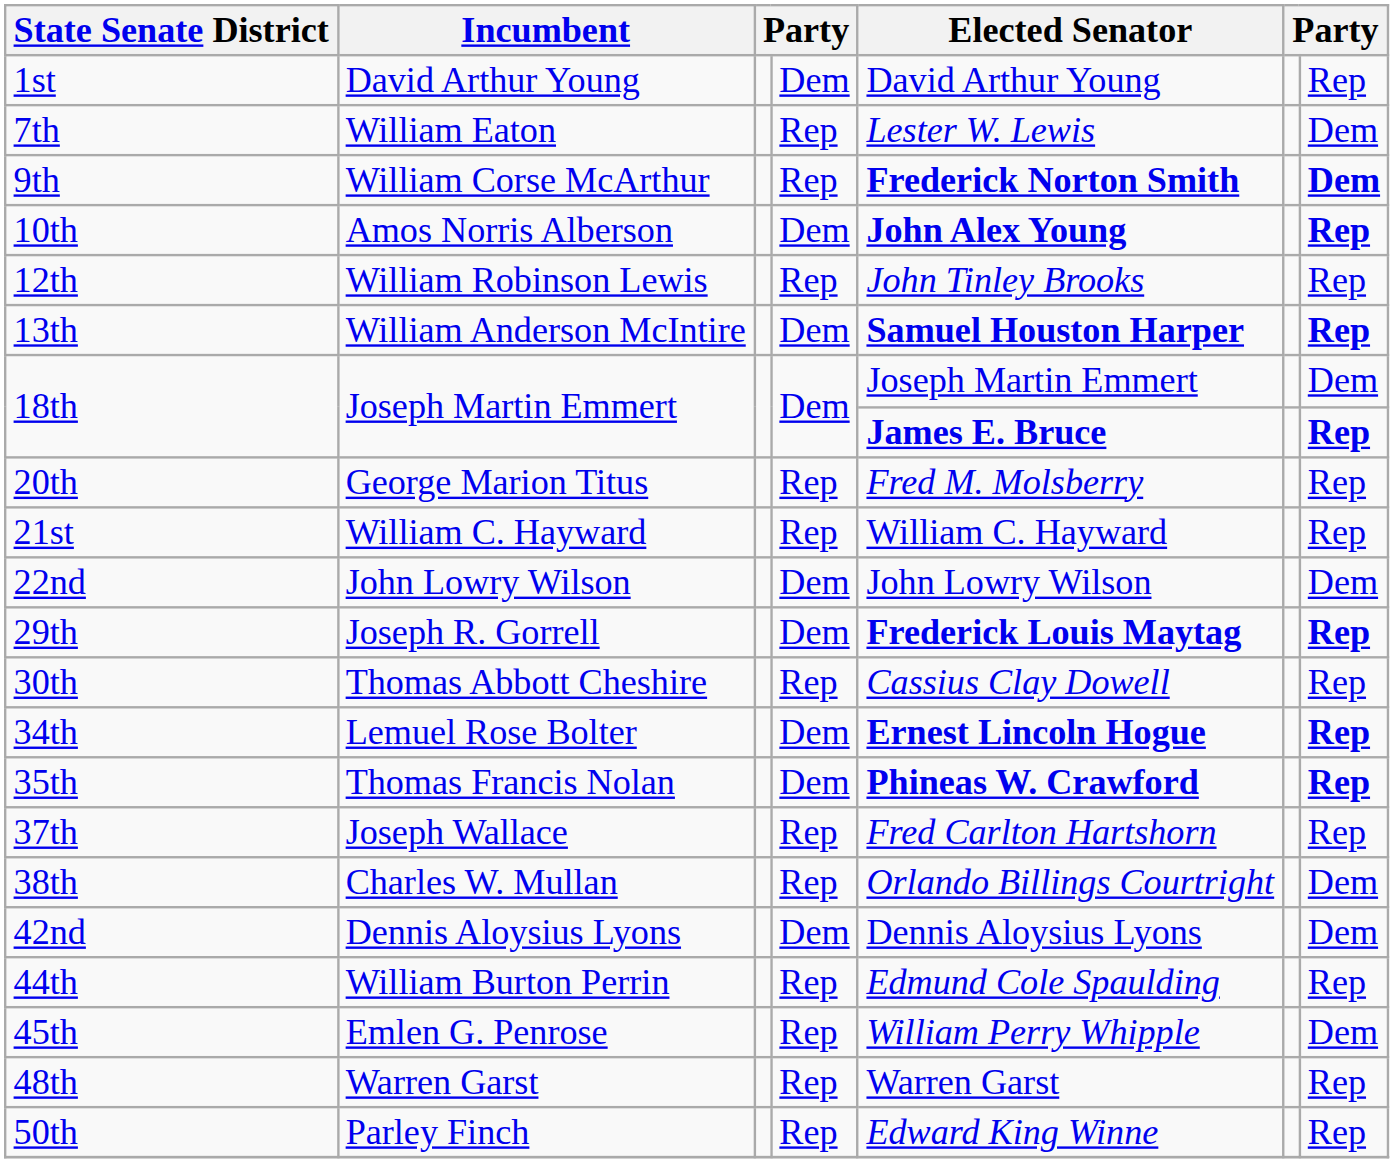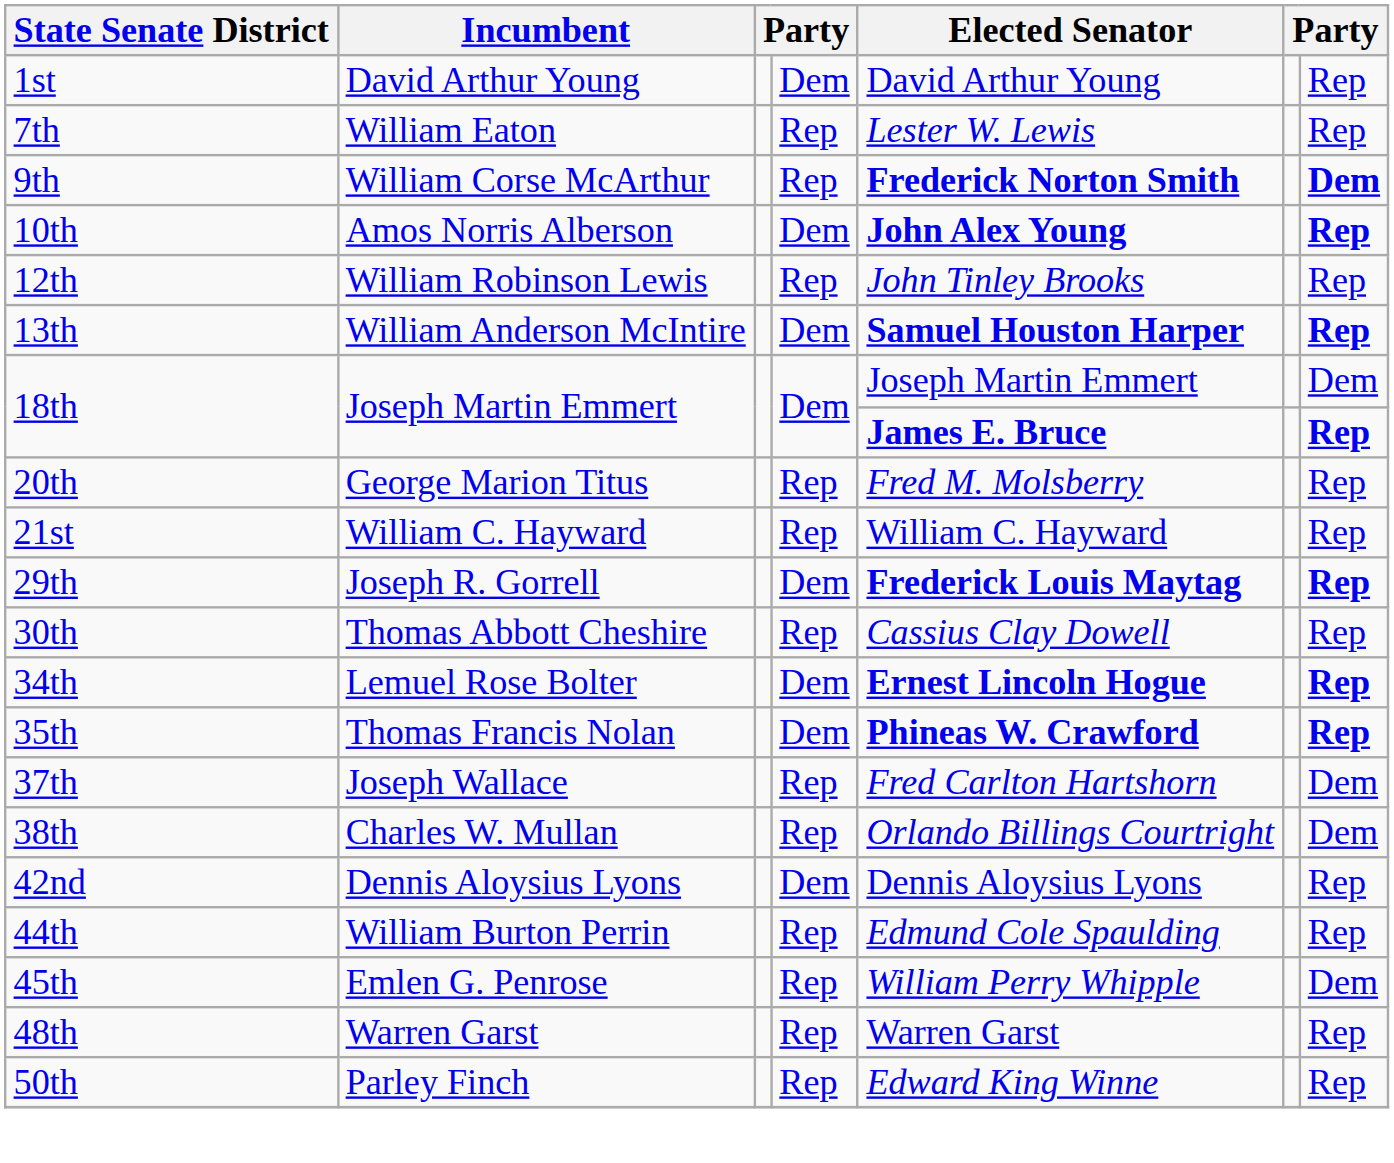 <table class="sortable wikitable" style="font-size:95%;line-height:14px;">
 <tr>
 <th class="sortable"><a href='#'>State Senate</a> District</th>
 <th class="sortable"><a href='#'>Incumbent</a></th>
 <th colspan="2">Party</th>
 <th class="sortable">Elected Senator</th>
 <th colspan="2">Party</th>
 </tr>
 <tr>
 <td><a href='#'>1st</a></td>
 <td><a href='#'>David Arthur Young</a></td>
 <td style="background:"></td>
 <td><a href='#'>Dem</a></td>
 <td><a href='#'>David Arthur Young</a></td>
 <td style="background:"></td>
 <td><a href='#'>Rep</a></td>
 </tr>
 <tr>
 <td><a href='#'>7th</a></td>
 <td><a href='#'>William Eaton</a></td>
 <td style="background:"></td>
 <td><a href='#'>Rep</a></td>
 <td><em><a href='#'>Lester W. Lewis</a></em></td>
 <td style="background:"></td>
-<td><a href='#'>Dem</a></td>
+<td><a href='#'>Rep</a></td>
 </tr>
 <tr>
 <td><a href='#'>9th</a></td>
 <td><a href='#'>William Corse McArthur</a></td>
 <td style="background:"></td>
 <td><a href='#'>Rep</a></td>
 <td><strong><a href='#'>Frederick Norton Smith</a></strong></td>
 <td style="background:"></td>
 <td><strong><a href='#'>Dem</a></strong></td>
 </tr>
 <tr>
 <td><a href='#'>10th</a></td>
 <td><a href='#'>Amos Norris Alberson</a></td>
 <td style="background:"></td>
 <td><a href='#'>Dem</a></td>
 <td><strong><a href='#'>John Alex Young</a></strong></td>
 <td style="background:"></td>
 <td><strong><a href='#'>Rep</a></strong></td>
 </tr>
 <tr>
 <td><a href='#'>12th</a></td>
 <td><a href='#'>William Robinson Lewis</a></td>
 <td style="background:"></td>
 <td><a href='#'>Rep</a></td>
 <td><em><a href='#'>John Tinley Brooks</a></em></td>
 <td style="background:"></td>
 <td><a href='#'>Rep</a></td>
 </tr>
 <tr>
 <td><a href='#'>13th</a></td>
 <td><a href='#'>William Anderson McIntire</a></td>
 <td style="background:"></td>
 <td><a href='#'>Dem</a></td>
 <td><strong><a href='#'>Samuel Houston Harper</a></strong></td>
 <td style="background:"></td>
 <td><strong><a href='#'>Rep</a></strong></td>
 </tr>
 <tr>
 <td rowspan="2"><a href='#'>18th</a></td>
 <td rowspan="2"><a href='#'>Joseph Martin Emmert</a></td>
 <td rowspan="2" style="background:"></td>
 <td rowspan="2"><a href='#'>Dem</a></td>
 <td><a href='#'>Joseph Martin Emmert</a></td>
 <td style="background:"></td>
 <td><a href='#'>Dem</a></td>
 </tr>
 <tr>
 <td><strong><a href='#'>James E. Bruce</a></strong></td>
 <td style="background:"></td>
 <td><strong><a href='#'>Rep</a></strong></td>
 </tr>
 <tr>
 <td><a href='#'>20th</a></td>
 <td><a href='#'>George Marion Titus</a></td>
 <td style="background:"></td>
 <td><a href='#'>Rep</a></td>
 <td><em><a href='#'>Fred M. Molsberry</a></em></td>
 <td style="background:"></td>
 <td><a href='#'>Rep</a></td>
 </tr>
 <tr>
 <td><a href='#'>21st</a></td>
 <td><a href='#'>William C. Hayward</a></td>
 <td style="background:"></td>
 <td><a href='#'>Rep</a></td>
 <td><a href='#'>William C. Hayward</a></td>
 <td style="background:"></td>
 <td><a href='#'>Rep</a></td>
 </tr>
 <tr>
-<td><a href='#'>22nd</a></td>
-<td><a href='#'>John Lowry Wilson</a></td>
-<td style="background:"></td>
-<td><a href='#'>Dem</a></td>
-<td><a href='#'>John Lowry Wilson</a></td>
-<td style="background:"></td>
-<td><a href='#'>Dem</a></td>
-</tr>
-<tr>
 <td><a href='#'>29th</a></td>
 <td><a href='#'>Joseph R. Gorrell</a></td>
 <td style="background:"></td>
 <td><a href='#'>Dem</a></td>
 <td><strong><a href='#'>Frederick Louis Maytag</a></strong></td>
 <td style="background:"></td>
 <td><strong><a href='#'>Rep</a></strong></td>
 </tr>
 <tr>
 <td><a href='#'>30th</a></td>
 <td><a href='#'>Thomas Abbott Cheshire</a></td>
 <td style="background:"></td>
 <td><a href='#'>Rep</a></td>
 <td><em><a href='#'>Cassius Clay Dowell</a></em></td>
 <td style="background:"></td>
 <td><a href='#'>Rep</a></td>
 </tr>
 <tr>
 <td><a href='#'>34th</a></td>
 <td><a href='#'>Lemuel Rose Bolter</a></td>
 <td style="background:"></td>
 <td><a href='#'>Dem</a></td>
 <td><strong><a href='#'>Ernest Lincoln Hogue</a></strong></td>
 <td style="background:"></td>
 <td><strong><a href='#'>Rep</a></strong></td>
 </tr>
 <tr>
 <td><a href='#'>35th</a></td>
 <td><a href='#'>Thomas Francis Nolan</a></td>
 <td style="background:"></td>
 <td><a href='#'>Dem</a></td>
 <td><strong><a href='#'>Phineas W. Crawford</a></strong></td>
 <td style="background:"></td>
 <td><strong><a href='#'>Rep</a></strong></td>
 </tr>
 <tr>
 <td><a href='#'>37th</a></td>
 <td><a href='#'>Joseph Wallace</a></td>
 <td style="background:"></td>
 <td><a href='#'>Rep</a></td>
 <td><em><a href='#'>Fred Carlton Hartshorn</a></em></td>
 <td style="background:"></td>
-<td><a href='#'>Rep</a></td>
+<td><a href='#'>Dem</a></td>
 </tr>
 <tr>
 <td><a href='#'>38th</a></td>
 <td><a href='#'>Charles W. Mullan</a></td>
 <td style="background:"></td>
 <td><a href='#'>Rep</a></td>
 <td><em><a href='#'>Orlando Billings Courtright</a></em></td>
 <td style="background:"></td>
 <td><a href='#'>Dem</a></td>
 </tr>
 <tr>
 <td><a href='#'>42nd</a></td>
 <td><a href='#'>Dennis Aloysius Lyons</a></td>
 <td style="background:"></td>
 <td><a href='#'>Dem</a></td>
 <td><a href='#'>Dennis Aloysius Lyons</a></td>
 <td style="background:"></td>
-<td><a href='#'>Dem</a></td>
+<td><a href='#'>Rep</a></td>
 </tr>
 <tr>
 <td><a href='#'>44th</a></td>
 <td><a href='#'>William Burton Perrin</a></td>
 <td style="background:"></td>
 <td><a href='#'>Rep</a></td>
 <td><em><a href='#'>Edmund Cole Spaulding</a></em></td>
 <td style="background:"></td>
 <td><a href='#'>Rep</a></td>
 </tr>
 <tr>
 <td><a href='#'>45th</a></td>
 <td><a href='#'>Emlen G. Penrose</a></td>
 <td style="background:"></td>
 <td><a href='#'>Rep</a></td>
 <td><em><a href='#'>William Perry Whipple</a></em></td>
 <td style="background:"></td>
 <td><a href='#'>Dem</a></td>
 </tr>
 <tr>
 <td><a href='#'>48th</a></td>
 <td><a href='#'>Warren Garst</a></td>
 <td style="background:"></td>
 <td><a href='#'>Rep</a></td>
 <td><a href='#'>Warren Garst</a></td>
 <td style="background:"></td>
 <td><a href='#'>Rep</a></td>
 </tr>
 <tr>
 <td><a href='#'>50th</a></td>
 <td><a href='#'>Parley Finch</a></td>
 <td style="background:"></td>
 <td><a href='#'>Rep</a></td>
 <td><em><a href='#'>Edward King Winne</a></em></td>
 <td style="background:"></td>
 <td><a href='#'>Rep</a></td>
 </tr>
 <tr>
 </tr>
 </table>
